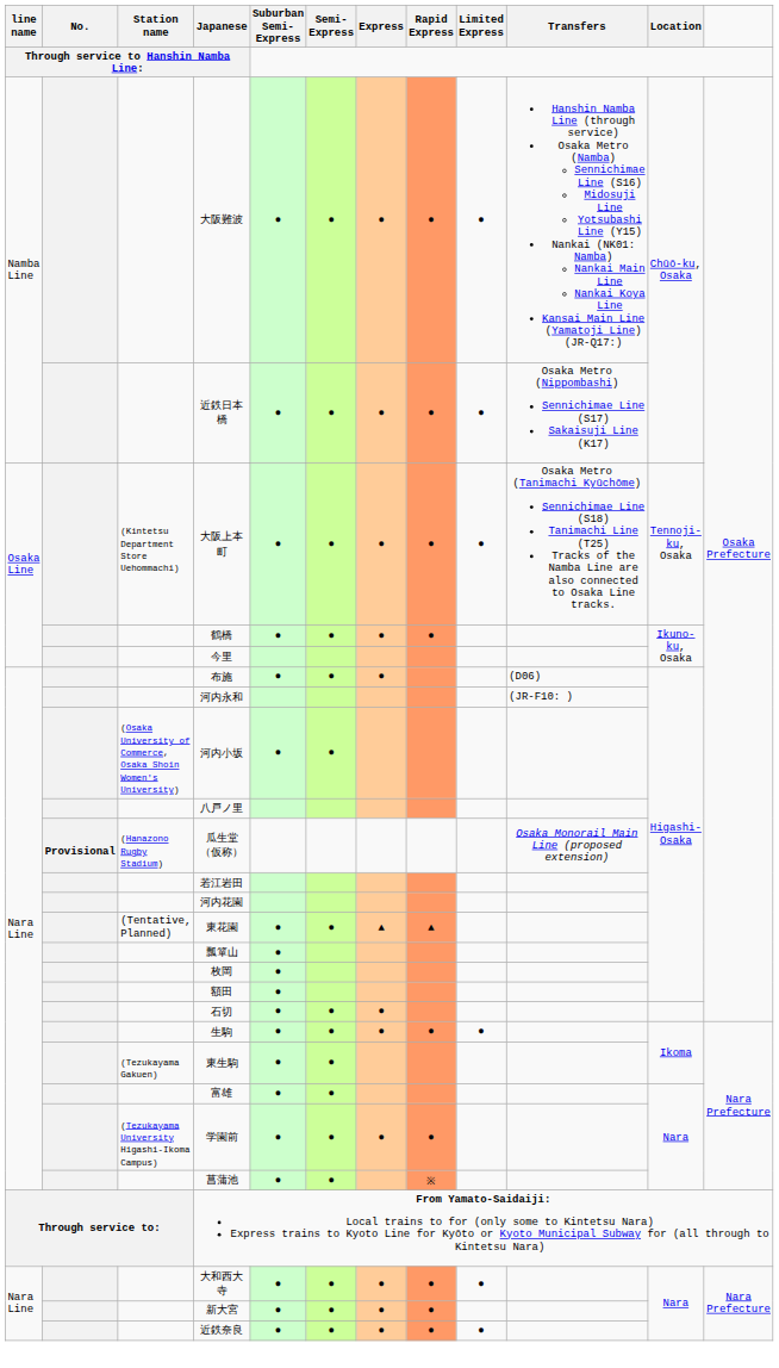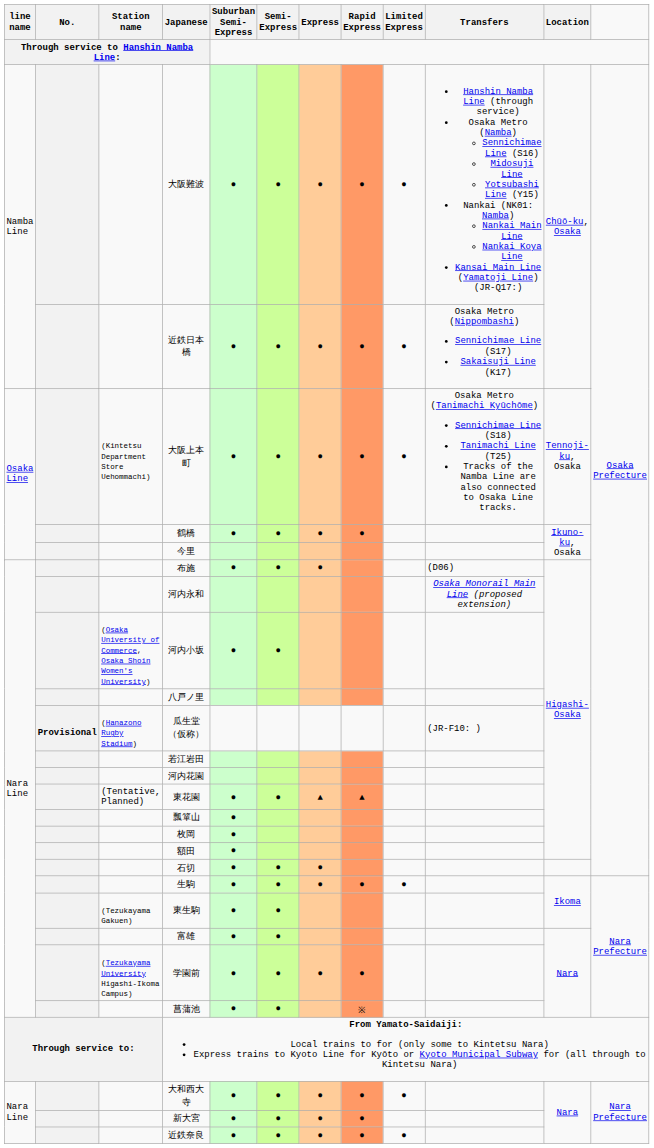 <table border="1" class=wikitable style="text-align: center;">
 <tr style="text-align: center; ">
 <th style="border-bottom:solid 2px #">line name</th>
 <th style="border-bottom:solid 2px #">No.</th>
 <th style="border-bottom:solid 2px #">Station name</th>
 <th style="border-bottom:solid 2px #">Japanese</th>
 <th style="border-bottom:solid 2px #">Suburban Semi-Express</th>
 <th style="border-bottom:solid 2px #">Semi-Express</th>
 <th style="border-bottom:solid 2px #">Express</th>
 <th style="border-bottom:solid 2px #">Rapid Express</th>
 <th style="border-bottom:solid 2px #">Limited Express</th>
 <th style="border-bottom:solid 2px #">Transfers</th>
 <th style="border-bottom:solid 2px #">Location</th>
 </tr>
 <tr style="text-align: center; ">
 <th colspan="4">Through service to  <a href='#'>Hanshin Namba Line</a>:</th>
 <td colspan="8"><br></td>
 </tr>
 <tr style="text-align: center;">
 <td style="text-align: left;" rowspan=3>Namba Line</td>
 <th></th>
 <td style="text-align: left;"></td>
 <td>大阪難波</td>
 <td style="background:#cfc">●</td>
 <td style="background:#cf9">●</td>
 <td style="background:#fc9">●</td>
 <td style="background:#f96">●</td>
 <td>●</td>
 <td><br><ul><li> <a href='#'>Hanshin Namba Line</a> (through service)</li><li>Osaka Metro (<a href='#'>Namba</a>)<ul><li> <a href='#'>Sennichimae Line</a> (S16)</li><li> <a href='#'>Midosuji Line</a></li><li> <a href='#'>Yotsubashi Line</a> (Y15)</li></ul></li><li>Nankai (NK01: <a href='#'>Namba</a>)<ul><li> <a href='#'>Nankai Main Line</a></li><li> <a href='#'>Nankai Koya Line</a></li></ul></li><li> <a href='#'>Kansai Main Line</a> (<a href='#'>Yamatoji Line</a>) (JR-Q17:)</li></ul></td>
 <td rowspan=2><a href='#'>Chūō-ku</a>,<br><a href='#'>Osaka</a></td>
 <td rowspan=19><a href='#'>Osaka<br>Prefecture</a></td>
 </tr>
 <tr style="text-align: center; ">
 <th></th>
 <td style="text-align: left; "></td>
 <td>近鉄日本橋</td>
 <td style="background:#cfc">●</td>
 <td style="background:#cf9">●</td>
 <td style="background:#fc9">●</td>
 <td style="background:#f96">●</td>
 <td>●</td>
 <td>Osaka Metro (<a href='#'>Nippombashi</a>)<br><ul><li> <a href='#'>Sennichimae Line</a> (S17)</li><li> <a href='#'>Sakaisuji Line</a> (K17)</li></ul></td>
 </tr>
 <tr style="text-align: center; ">
 <th rowspan=2></th>
 <td style="text-align: left;" rowspan=2> <br><small>(Kintetsu Department Store</small> <small>Uehommachi)</small></td>
 <td rowspan="2">大阪上本町</td>
 <td rowspan=2 style="background:#cfc">●</td>
 <td rowspan=2 style="background:#cf9">●</td>
 <td rowspan=2 style="background:#fc9">●</td>
 <td rowspan=2 style="background:#f96">●</td>
 <td rowspan=2>●</td>
 <td rowspan="2">Osaka Metro (<a href='#'>Tanimachi Kyūchōme</a>)<br><ul><li> <a href='#'>Sennichimae Line</a> (S18)</li><li> <a href='#'>Tanimachi Line</a> (T25)</li><li>Tracks of the Namba Line are also connected to Osaka Line tracks.</li></ul></td>
 <td rowspan=2><a href='#'>Tennoji-ku</a>,<br>Osaka</td>
 </tr>
 <tr>
 <td style="text-align: left;" rowspan=4><a href='#'>Osaka Line</a></td>
 </tr>
 <tr style="text-align: center; ">
 <th></th>
 <td style="text-align: left;"></td>
 <td>鶴橋</td>
 <td style="background:#cfc">●</td>
 <td style="background:#cf9">●</td>
 <td style="background:#fc9">●</td>
 <td style="background:#f96">●</td>
 <td></td>
 <td style="text-align: left;"></td>
 <td rowspan="2"><a href='#'>Ikuno-ku</a>,<br>Osaka</td>
 </tr>
 <tr style="text-align: center; ">
 <th></th>
 <td style="text-align: left; "></td>
 <td>今里</td>
 <td style="background:#cfc"></td>
 <td style="background:#cf9"></td>
 <td style="background:#fc9"></td>
 <td style="background:#f96"></td>
 <td></td>
 <td></td>
 </tr>
 <tr style="text-align: center; ">
 <th rowspan=2></th>
 <td rowspan=2 style="text-align: left;"></td>
 <td rowspan=2>布施</td>
 <td rowspan=2 style="background:#cfc">●</td>
 <td rowspan=2 style="background:#cf9">●</td>
 <td rowspan=2 style="background:#fc9">●</td>
 <td rowspan=2 style="background:#f96"></td>
 <td rowspan=2></td>
 <td rowspan=2 style="text-align: left;">  (D06)</td>
 <td rowspan=12><a href='#'>Higashi-Osaka</a></td>
 </tr>
 <tr>
 <td style="text-align: left;" rowspan=17>Nara Line</td>
 </tr>
 <tr style="text-align: center; ">
 <th></th>
 <td style="text-align: left; "></td>
 <td>河内永和</td>
 <td style="background:#cfc"></td>
 <td style="background:#cf9"></td>
 <td style="background:#fc9"></td>
 <td style="background:#f96"></td>
 <td></td>
-<td style="text-align: left;">  (JR-F10: )</td>
+<td><em><a href='#'>Osaka Monorail Main Line</a> (proposed extension)</em></td>
 </tr>
 <tr style="text-align: center; ">
 <th></th>
 <td style="text-align: left; "><br><small>(<a href='#'>Osaka University of Commerce</a>,</small> <small><a href='#'>Osaka Shoin Women's University</a>)</small></td>
 <td>河内小坂</td>
 <td style="background:#cfc">●</td>
 <td style="background:#cf9">●</td>
 <td style="background:#fc9"></td>
 <td style="background:#f96"></td>
 <td></td>
 <td></td>
 </tr>
 <tr style="text-align: center; ">
 <th></th>
 <td style="text-align: left; "></td>
 <td>八戸ノ里</td>
 <td style="background:#cfc"></td>
 <td style="background:#cf9"></td>
 <td style="background:#fc9"></td>
 <td style="background:#f96"></td>
 <td></td>
 <td></td>
 </tr>
 <tr style="text-align: center; ">
 <th><em></em><br>Provisional</th>
 <td style="text-align: left; "><br><small>(<a href='#'>Hanazono Rugby Stadium</a>)</small></td>
 <td>瓜生堂（仮称）</td>
 <td></td>
 <td></td>
 <td></td>
 <td></td>
 <td></td>
-<td><em><a href='#'>Osaka Monorail Main Line</a> (proposed extension)</em></td>
+<td style="text-align: left;">  (JR-F10: )</td>
 </tr>
 <tr style="text-align: center; ">
 <th></th>
 <td style="text-align: left; "></td>
 <td>若江岩田</td>
 <td style="background:#cfc"></td>
 <td style="background:#cf9"></td>
 <td style="background:#fc9"></td>
 <td style="background:#f96"></td>
 <td></td>
 <td></td>
 </tr>
 <tr style="text-align: center; ">
 <th></th>
 <td style="text-align: left; "></td>
 <td>河内花園</td>
 <td style="background:#cfc"></td>
 <td style="background:#cf9"></td>
 <td style="background:#fc9"></td>
 <td style="background:#f96"></td>
 <td></td>
 <td></td>
 </tr>
 <tr style="text-align: center; ">
 <th></th>
 <td style="text-align: left; "> (Tentative, Planned)</td>
 <td>東花園</td>
 <td style="background:#cfc">●</td>
 <td style="background:#cf9">●</td>
 <td style="background:#fc9">▲</td>
 <td style="background:#f96">▲</td>
 <td></td>
 <td></td>
 </tr>
 <tr style="text-align: center; ">
 <th></th>
 <td style="text-align: left; "></td>
 <td>瓢箪山</td>
 <td style="background:#cfc">●</td>
 <td style="background:#cf9"></td>
 <td style="background:#fc9"></td>
 <td style="background:#f96"></td>
 <td></td>
 <td></td>
 </tr>
 <tr style="text-align: center; ">
 <th></th>
 <td style="text-align: left; "></td>
 <td>枚岡</td>
 <td style="background:#cfc">●</td>
 <td style="background:#cf9"></td>
 <td style="background:#fc9"></td>
 <td style="background:#f96"></td>
 <td></td>
 <td></td>
 </tr>
 <tr style="text-align: center; ">
 <th></th>
 <td style="text-align: left; "></td>
 <td>額田</td>
 <td style="background:#cfc">●</td>
 <td style="background:#cf9"></td>
 <td style="background:#fc9"></td>
 <td style="background:#f96"></td>
 <td></td>
 <td></td>
 </tr>
 <tr style="text-align: center; ">
 <th></th>
 <td style="text-align: left; "></td>
 <td>石切</td>
 <td style="background:#cfc">●</td>
 <td style="background:#cf9">●</td>
 <td style="background:#fc9">●</td>
 <td style="background:#f96"></td>
 <td></td>
 <td></td>
 </tr>
 <tr style="text-align: center; ">
 <th></th>
 <td style="text-align: left; "></td>
 <td>生駒</td>
 <td style="background:#cfc">●</td>
 <td style="background:#cf9">●</td>
 <td style="background:#fc9">●</td>
 <td style="background:#f96">●</td>
 <td>●</td>
 <td style="text-align: left;"></td>
 <td rowspan="2"><a href='#'>Ikoma</a></td>
 <td rowspan="5"><a href='#'>Nara<br>Prefecture</a></td>
 </tr>
 <tr style="text-align: center; ">
 <th></th>
 <td style="text-align: left; "><br><small>(Tezukayama Gakuen)</small></td>
 <td>東生駒</td>
 <td style="background:#cfc">●</td>
 <td style="background:#cf9">●</td>
 <td style="background:#fc9"></td>
 <td style="background:#f96"></td>
 <td></td>
 <td></td>
 </tr>
 <tr style="text-align: center; ">
 <th></th>
 <td style="text-align: left; "></td>
 <td>富雄</td>
 <td style="background:#cfc">●</td>
 <td style="background:#cf9">●</td>
 <td style="background:#fc9"></td>
 <td style="background:#f96"></td>
 <td></td>
 <td></td>
 <td rowspan="3"><a href='#'>Nara</a></td>
 </tr>
 <tr style="text-align: center; ">
 <th></th>
 <td style="text-align: left; "><br><small>(<a href='#'>Tezukayama University</a></small> <small>Higashi-Ikoma Campus)</small></td>
 <td>学園前</td>
 <td style="background:#cfc">●</td>
 <td style="background:#cf9">●</td>
 <td style="background:#fc9">●</td>
 <td style="background:#f96">●</td>
 <td></td>
 <td></td>
 </tr>
 <tr>
 <th></th>
 <td style="text-align: left; "></td>
 <td>菖蒲池</td>
 <td style="background:#cfc">●</td>
 <td style="background:#cf9">●</td>
 <td style="background:#fc9"></td>
 <td style="background:#f96">※</td>
 <td></td>
 <td></td>
 </tr>
 <tr>
 <th colspan="3">Through service to:</th>
 <td colspan="9"><strong>From Yamato-Saidaiji:</strong><br><ul><li>Local trains to   for  (only some to Kintetsu Nara)</li><li>Express trains to   Kyoto Line for Kyōto or  <a href='#'>Kyoto Municipal Subway</a>  for  (all through to Kintetsu Nara)</li></ul></td>
 </tr>
 <tr>
 <td style="text-align: left;" rowspan=3>Nara Line</td>
 <th></th>
 <td style="text-align: left; "></td>
 <td>大和西大寺</td>
 <td style="background:#cfc">●</td>
 <td style="background:#cf9">●</td>
 <td style="background:#fc9">●</td>
 <td style="background:#f96">●</td>
 <td>●</td>
 <td style="text-align: left; "></td>
 <td rowspan="3"><a href='#'>Nara</a></td>
 <td rowspan="3"><a href='#'>Nara<br>Prefecture</a></td>
 </tr>
 <tr style="text-align: center; ">
 <th></th>
 <td style="text-align: left; "></td>
 <td>新大宮</td>
 <td style="background:#cfc">●</td>
 <td style="background:#cf9">●</td>
 <td style="background:#fc9">●</td>
 <td style="background:#f96">●</td>
 <td></td>
 <td></td>
 </tr>
 <tr style="text-align: center; ">
 <th></th>
 <td style="text-align: left; "></td>
 <td>近鉄奈良</td>
 <td style="background:#cfc">●</td>
 <td style="background:#cf9">●</td>
 <td style="background:#fc9">●</td>
 <td style="background:#f96">●</td>
 <td>●</td>
 <td></td>
 </tr>
 </table>
